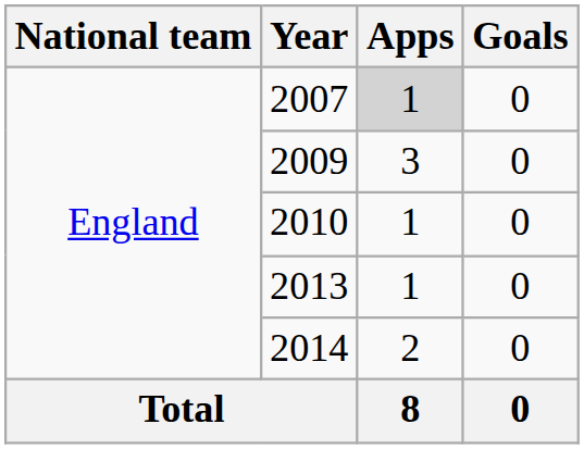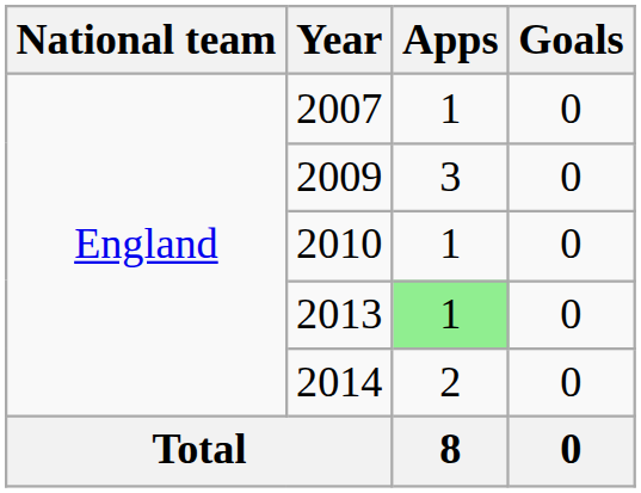 <table class="wikitable" style="text-align: center;">
 <tr>
 <th>National team</th>
 <th>Year</th>
 <th>Apps</th>
 <th>Goals</th>
 </tr>
 <tr>
 <td rowspan="5"><a href='#'>England</a></td>
 <td>2007</td>
-<td style="background: lightgrey;">1</td>
+<td>1</td>
 <td>0</td>
 </tr>
 <tr>
 <td>2009</td>
 <td>3</td>
 <td>0</td>
 </tr>
 <tr>
 <td>2010</td>
 <td>1</td>
 <td>0</td>
 </tr>
 <tr>
 <td>2013</td>
-<td>1</td>
+<td style="background: lightgreen;">1</td>
 <td>0</td>
 </tr>
 <tr>
 <td>2014</td>
 <td>2</td>
 <td>0</td>
 </tr>
 <tr>
 <th colspan="2">Total</th>
 <th>8</th>
 <th>0</th>
 </tr>
 </table>
